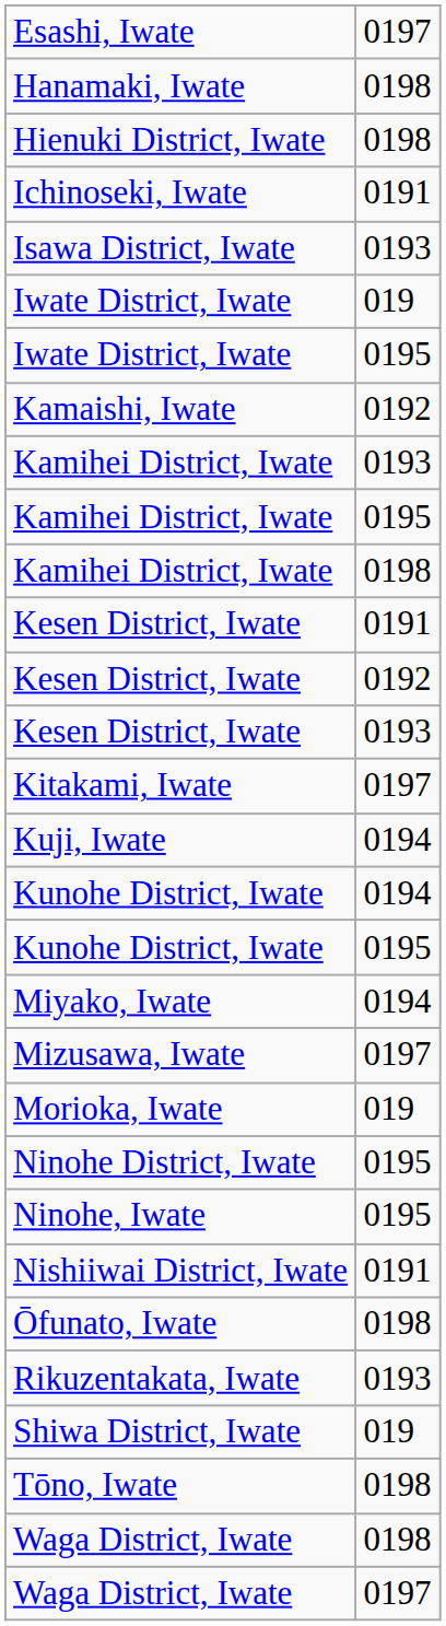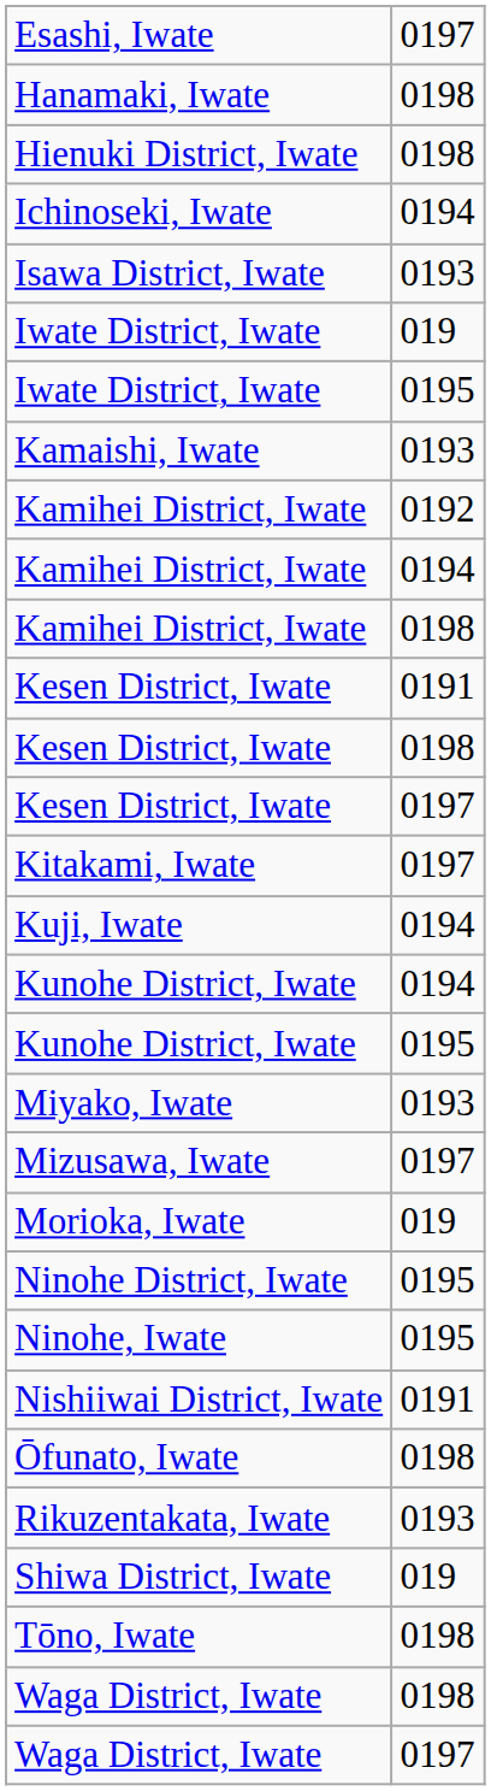 <table class="wikitable">
 <tr>
 <td><a href='#'>Esashi, Iwate</a></td>
 <td>0197</td>
 </tr>
 <tr>
 <td><a href='#'>Hanamaki, Iwate</a></td>
 <td>0198</td>
 </tr>
 <tr>
 <td><a href='#'>Hienuki District, Iwate</a></td>
 <td>0198</td>
 </tr>
 <tr>
 <td><a href='#'>Ichinoseki, Iwate</a></td>
-<td>0191</td>
+<td>0194</td>
 </tr>
 <tr>
 <td><a href='#'>Isawa District, Iwate</a></td>
 <td>0193</td>
 </tr>
 <tr>
 <td><a href='#'>Iwate District, Iwate</a></td>
 <td>019</td>
 </tr>
 <tr>
 <td><a href='#'>Iwate District, Iwate</a></td>
 <td>0195</td>
 </tr>
 <tr>
 <td><a href='#'>Kamaishi, Iwate</a></td>
+<td>0193</td>
+</tr>
+<tr>
+<td><a href='#'>Kamihei District, Iwate</a></td>
 <td>0192</td>
 </tr>
 <tr>
 <td><a href='#'>Kamihei District, Iwate</a></td>
-<td>0193</td>
-</tr>
-<tr>
-<td><a href='#'>Kamihei District, Iwate</a></td>
-<td>0195</td>
+<td>0194</td>
 </tr>
 <tr>
 <td><a href='#'>Kamihei District, Iwate</a></td>
 <td>0198</td>
 </tr>
 <tr>
 <td><a href='#'>Kesen District, Iwate</a></td>
 <td>0191</td>
 </tr>
 <tr>
 <td><a href='#'>Kesen District, Iwate</a></td>
-<td>0192</td>
+<td>0198</td>
 </tr>
 <tr>
 <td><a href='#'>Kesen District, Iwate</a></td>
-<td>0193</td>
+<td>0197</td>
 </tr>
 <tr>
 <td><a href='#'>Kitakami, Iwate</a></td>
 <td>0197</td>
 </tr>
 <tr>
 <td><a href='#'>Kuji, Iwate</a></td>
 <td>0194</td>
 </tr>
 <tr>
 <td><a href='#'>Kunohe District, Iwate</a></td>
 <td>0194</td>
 </tr>
 <tr>
 <td><a href='#'>Kunohe District, Iwate</a></td>
 <td>0195</td>
 </tr>
 <tr>
 <td><a href='#'>Miyako, Iwate</a></td>
-<td>0194</td>
+<td>0193</td>
 </tr>
 <tr>
 <td><a href='#'>Mizusawa, Iwate</a></td>
 <td>0197</td>
 </tr>
 <tr>
 <td><a href='#'>Morioka, Iwate</a></td>
 <td>019</td>
 </tr>
 <tr>
 <td><a href='#'>Ninohe District, Iwate</a></td>
 <td>0195</td>
 </tr>
 <tr>
 <td><a href='#'>Ninohe, Iwate</a></td>
 <td>0195</td>
 </tr>
 <tr>
 <td><a href='#'>Nishiiwai District, Iwate</a></td>
 <td>0191</td>
 </tr>
 <tr>
 <td><a href='#'>Ōfunato, Iwate</a></td>
 <td>0198</td>
 </tr>
 <tr>
 <td><a href='#'>Rikuzentakata, Iwate</a></td>
 <td>0193</td>
 </tr>
 <tr>
 <td><a href='#'>Shiwa District, Iwate</a></td>
 <td>019</td>
 </tr>
 <tr>
 <td><a href='#'>Tōno, Iwate</a></td>
 <td>0198</td>
 </tr>
 <tr>
 <td><a href='#'>Waga District, Iwate</a></td>
 <td>0198</td>
 </tr>
 <tr>
 <td><a href='#'>Waga District, Iwate</a></td>
 <td>0197</td>
 </tr>
 </table>
